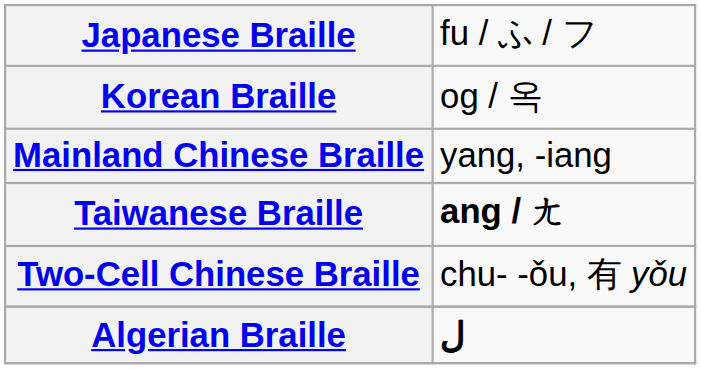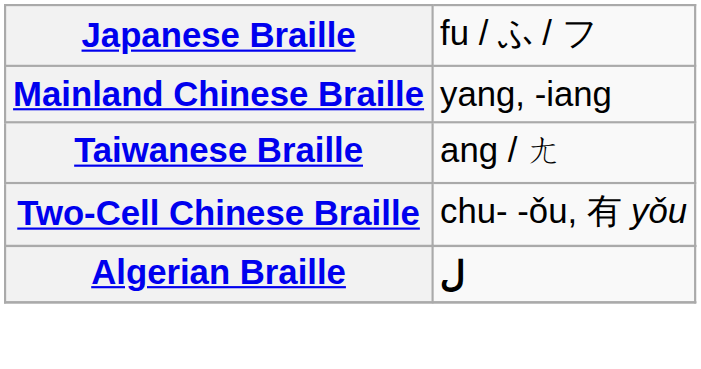 <table class="wikitable">
 <tr>
 <th align=left><a href='#'>Japanese Braille</a></th>
 <td>fu / ふ / フ </td>
-</tr>
-<tr>
-<th align=left><a href='#'>Korean Braille</a></th>
-<td>og / 옥 </td>
 </tr>
 <tr>
 <th align=left><a href='#'>Mainland Chinese Braille</a></th>
 <td>yang, -iang </td>
 </tr>
 <tr>
 <th align=left><a href='#'>Taiwanese Braille</a></th>
-<td><strong>ang / ㄤ</strong></td>
+<td>ang / ㄤ</td>
 </tr>
 <tr>
 <th align=left><a href='#'>Two-Cell Chinese Braille</a></th>
 <td>chu- -ǒu, 有 <em>yǒu</em></td>
 </tr>
 <tr>
 </tr>
 <tr>
 </tr>
 <tr>
 <th align=left><a href='#'>Algerian Braille</a></th>
 <td><strong>ل ‎</strong></td>
 </tr>
 <tr>
 </tr>
 </table>
